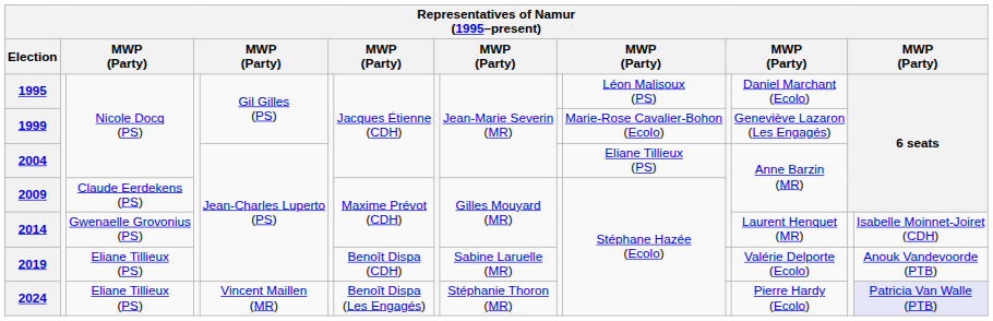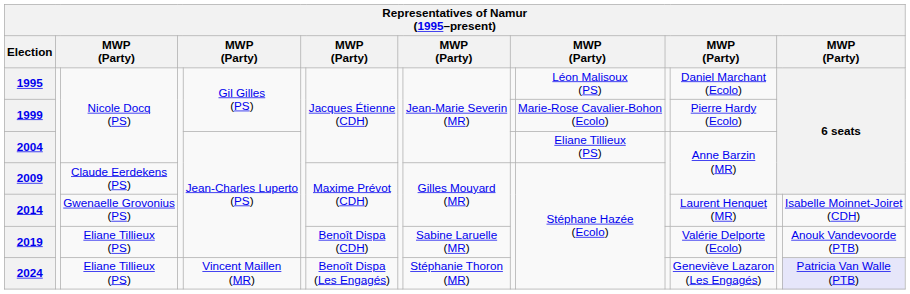 <table class="wikitable" style="text-align:center">
 <tr>
 <th colspan="17">Representatives of Namur<br>(<a href='#'>1995</a>–present)</th>
 </tr>
 <tr>
 <th>Election</th>
 <th colspan=2>MWP<br>(Party)</th>
 <th colspan=2>MWP<br>(Party)</th>
 <th colspan=2>MWP<br>(Party)</th>
 <th colspan=2>MWP<br>(Party)</th>
 <th colspan=2>MWP<br>(Party)</th>
 <th colspan=2>MWP<br>(Party)</th>
 <th colspan=2>MWP<br>(Party)</th>
 </tr>
 <tr>
 <th><a href='#'>1995</a></th>
 <td rowspan=7; style="background-color: "></td>
 <td rowspan=3><a href='#'>Nicole Docq</a><br>(<a href='#'>PS</a>)</td>
 <td rowspan=6; style="background-color: "></td>
 <td rowspan=2><a href='#'>Gil Gilles</a><br>(<a href='#'>PS</a>)</td>
 <td rowspan=6; style="background-color: "></td>
 <td rowspan=3><a href='#'>Jacques Étienne</a><br>(<a href='#'>CDH</a>)</td>
 <td rowspan=7; style="background-color: "></td>
 <td rowspan=3><a href='#'>Jean-Marie Severin</a><br>(<a href='#'>MR</a>)</td>
 <td rowspan=1; style="background-color: "></td>
 <td rowspan=1><a href='#'>Léon Malisoux</a><br>(<a href='#'>PS</a>)</td>
 <td rowspan=2; style="background-color: "></td>
 <td rowspan=1><a href='#'>Daniel Marchant</a><br>(<a href='#'>Ecolo</a>)</td>
 <th colspan=2; rowspan=4>6 seats</th>
 </tr>
 <tr>
 <th><a href='#'>1999</a></th>
 <td rowspan=1; style="background-color: "></td>
 <td rowspan=1><a href='#'>Marie-Rose Cavalier-Bohon</a><br>(<a href='#'>Ecolo</a>)</td>
-<td rowspan=1><a href='#'>Geneviève Lazaron</a><br>(<a href='#'>Les Engagés</a>)</td>
+<td rowspan=1><a href='#'>Pierre Hardy</a><br>(<a href='#'>Ecolo</a>)</td>
 </tr>
 <tr>
 <th><a href='#'>2004</a></th>
 <td rowspan=4><a href='#'>Jean-Charles Luperto</a><br>(<a href='#'>PS</a>)</td>
 <td rowspan=1; style="background-color: "></td>
 <td rowspan=1><a href='#'>Eliane Tillieux</a><br>(<a href='#'>PS</a>)</td>
 <td rowspan=3; style="background-color: "></td>
 <td rowspan=2><a href='#'>Anne Barzin</a><br>(<a href='#'>MR</a>)</td>
 </tr>
 <tr>
 <th><a href='#'>2009</a></th>
 <td rowspan=1><a href='#'>Claude Eerdekens</a><br>(<a href='#'>PS</a>)</td>
 <td rowspan=2><a href='#'>Maxime Prévot</a><br>(<a href='#'>CDH</a>)</td>
 <td rowspan=2><a href='#'>Gilles Mouyard</a><br>(<a href='#'>MR</a>)</td>
 <td rowspan=4; style="background-color: "></td>
 <td rowspan=4><a href='#'>Stéphane Hazée</a><br>(<a href='#'>Ecolo</a>)</td>
 </tr>
 <tr>
 <th><a href='#'>2014</a></th>
 <td rowspan=1><a href='#'>Gwenaelle Grovonius</a><br>(<a href='#'>PS</a>)</td>
 <td rowspan=1><a href='#'>Laurent Henquet</a><br>(<a href='#'>MR</a>)</td>
 <td rowspan=1; style="background-color: "></td>
 <td rowspan=1><a href='#'>Isabelle Moinnet-Joiret</a><br>(<a href='#'>CDH</a>)</td>
 </tr>
 <tr>
 <th><a href='#'>2019</a></th>
 <td rowspan=1><a href='#'>Eliane Tillieux</a><br>(<a href='#'>PS</a>)</td>
 <td rowspan=1><a href='#'>Benoît Dispa</a><br>(<a href='#'>CDH</a>)</td>
 <td rowspan=1><a href='#'>Sabine Laruelle</a><br>(<a href='#'>MR</a>)</td>
 <td rowspan=1; style="background-color: "></td>
 <td rowspan=1><a href='#'>Valérie Delporte</a><br>(<a href='#'>Ecolo</a>)</td>
 <td rowspan=2; style="background-color: "></td>
 <td rowspan=1><a href='#'>Anouk Vandevoorde</a><br>(<a href='#'>PTB</a>)</td>
 </tr>
 <tr>
 <th><a href='#'>2024</a></th>
 <td rowspan=1><a href='#'>Eliane Tillieux </a><br>(<a href='#'>PS</a>)</td>
 <td rowspan=1; style="background-color: "></td>
 <td rowspan=1><a href='#'>Vincent Maillen</a><br>(<a href='#'>MR</a>)</td>
 <td rowspan=1; style="background-color: "></td>
 <td rowspan=1><a href='#'>Benoît Dispa</a><br>(<a href='#'>Les Engagés</a>)</td>
 <td rowspan=1><a href='#'>Stéphanie Thoron</a><br>(<a href='#'>MR</a>)</td>
 <td rowspan=1; style="background-color: "></td>
-<td rowspan=1><a href='#'>Pierre Hardy</a><br>(<a href='#'>Ecolo</a>)</td>
+<td rowspan=1><a href='#'>Geneviève Lazaron</a><br>(<a href='#'>Les Engagés</a>)</td>
 <td rowspan=1 style="background: lavender;"><a href='#'>Patricia Van Walle</a><br>(<a href='#'>PTB</a>)</td>
 </tr>
 </table>
